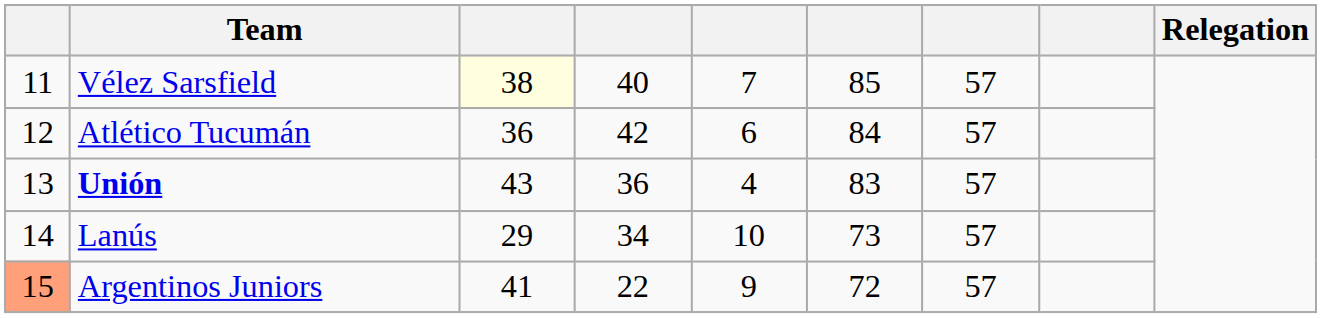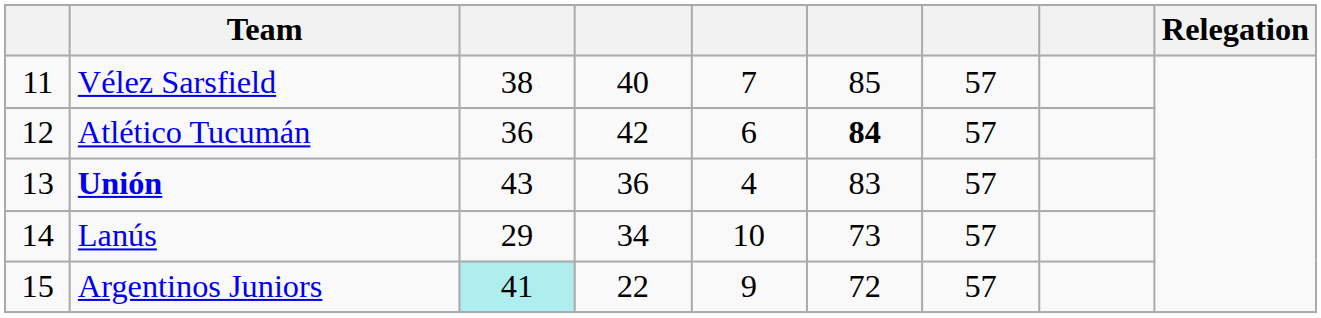 <table class="wikitable sortable" style="text-align: center;">
 <tr>
 <th width=25></th>
 <th width=185>Team</th>
 <th width=50></th>
 <th width=50></th>
 <th width=50></th>
 <th width=50></th>
 <th width=50></th>
 <th width=50></th>
 <th>Relegation</th>
 </tr>
 <tr>
 <td>11</td>
 <td align="left"><a href='#'>Vélez Sarsfield</a></td>
-<td style="background: lightyellow;">38</td>
+<td>38</td>
 <td>40</td>
 <td>7</td>
 <td>85</td>
 <td>57</td>
 <td><strong></strong></td>
 </tr>
 <tr>
 <td>12</td>
 <td align="left"><a href='#'>Atlético Tucumán</a></td>
 <td>36</td>
 <td>42</td>
 <td>6</td>
-<td>84</td>
+<td><strong>84</strong></td>
 <td>57</td>
 <td><strong></strong></td>
 </tr>
 <tr>
 <td>13</td>
 <td align="left"><strong><a href='#'>Unión</a></strong></td>
 <td>43</td>
 <td>36</td>
 <td>4</td>
 <td>83</td>
 <td>57</td>
 <td><strong></strong></td>
 </tr>
 <tr>
 <td>14</td>
 <td align="left"><a href='#'>Lanús</a></td>
 <td>29</td>
 <td>34</td>
 <td>10</td>
 <td>73</td>
 <td>57</td>
 <td><strong></strong></td>
 </tr>
 <tr>
-<td style="background: lightsalmon;">15</td>
+<td>15</td>
 <td align="left"><a href='#'>Argentinos Juniors</a></td>
-<td>41</td>
+<td style="background: paleturquoise;">41</td>
 <td>22</td>
 <td>9</td>
 <td>72</td>
 <td>57</td>
 <td><strong></strong></td>
 </tr>
 </table>
